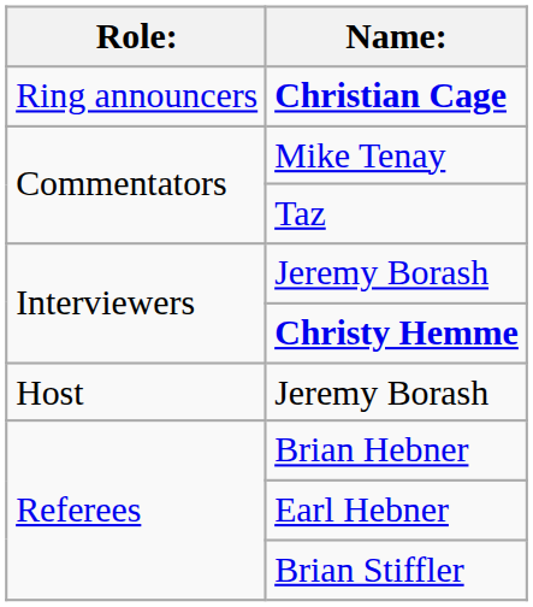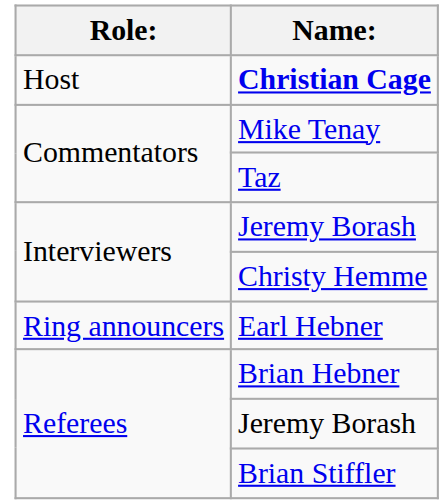 <table class=wikitable style="font-size:90%; margin: 0.5em 0 0.5em 1em; float: right; clear: right;">
 <tr>
 <th>Role:</th>
 <th>Name:</th>
 </tr>
 <tr>
-<td rowspan=1><a href='#'>Ring announcers</a></td>
+<td rowspan=1>Host</td>
 <td><strong><a href='#'>Christian Cage</a></strong></td>
 </tr>
 <tr>
 <td rowspan=2>Commentators</td>
 <td><a href='#'>Mike Tenay</a></td>
 </tr>
 <tr>
 <td><a href='#'>Taz</a></td>
 </tr>
 <tr>
 <td rowspan=2>Interviewers</td>
 <td><a href='#'>Jeremy Borash</a> </td>
 </tr>
 <tr>
-<td><strong><a href='#'>Christy Hemme</a> </strong></td>
+<td><a href='#'>Christy Hemme</a> </td>
 </tr>
 <tr>
-<td rowspan=1>Host</td>
-<td>Jeremy Borash</td>
+<td rowspan=1><a href='#'>Ring announcers</a></td>
+<td><a href='#'>Earl Hebner</a></td>
 </tr>
 <tr>
 <td rowspan=3><a href='#'>Referees</a></td>
 <td><a href='#'>Brian Hebner</a></td>
 </tr>
 <tr>
-<td><a href='#'>Earl Hebner</a></td>
+<td>Jeremy Borash</td>
 </tr>
 <tr>
 <td><a href='#'>Brian Stiffler</a></td>
 </tr>
 </table>
